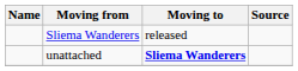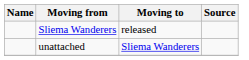 <table class="wikitable sortable">
 <tr>
 <th>Name</th>
 <th>Moving from</th>
 <th>Moving to</th>
 <th>Source</th>
 </tr>
 <tr>
 <td> </td>
 <td><a href='#'>Sliema Wanderers</a></td>
 <td>released</td>
 <td></td>
 </tr>
 <tr>
 <td> </td>
 <td>unattached</td>
-<td><strong><a href='#'>Sliema Wanderers</a></strong></td>
+<td><a href='#'>Sliema Wanderers</a></td>
 <td></td>
 </tr>
 <tr>
 </tr>
 </table>
